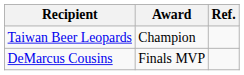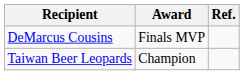 <table class="wikitable">
 <tr>
 <th>Recipient</th>
 <th>Award</th>
 <th>Ref.</th>
 </tr>
 <tr>
+<td><a href='#'>DeMarcus Cousins</a></td>
+<td>Finals MVP</td>
+<td></td>
+</tr>
+<tr>
 <td><a href='#'>Taiwan Beer Leopards</a></td>
 <td>Champion</td>
 <td></td>
 </tr>
-<tr>
-<td><a href='#'>DeMarcus Cousins</a></td>
-<td>Finals MVP</td>
-<td></td>
-</tr>
 </table>
